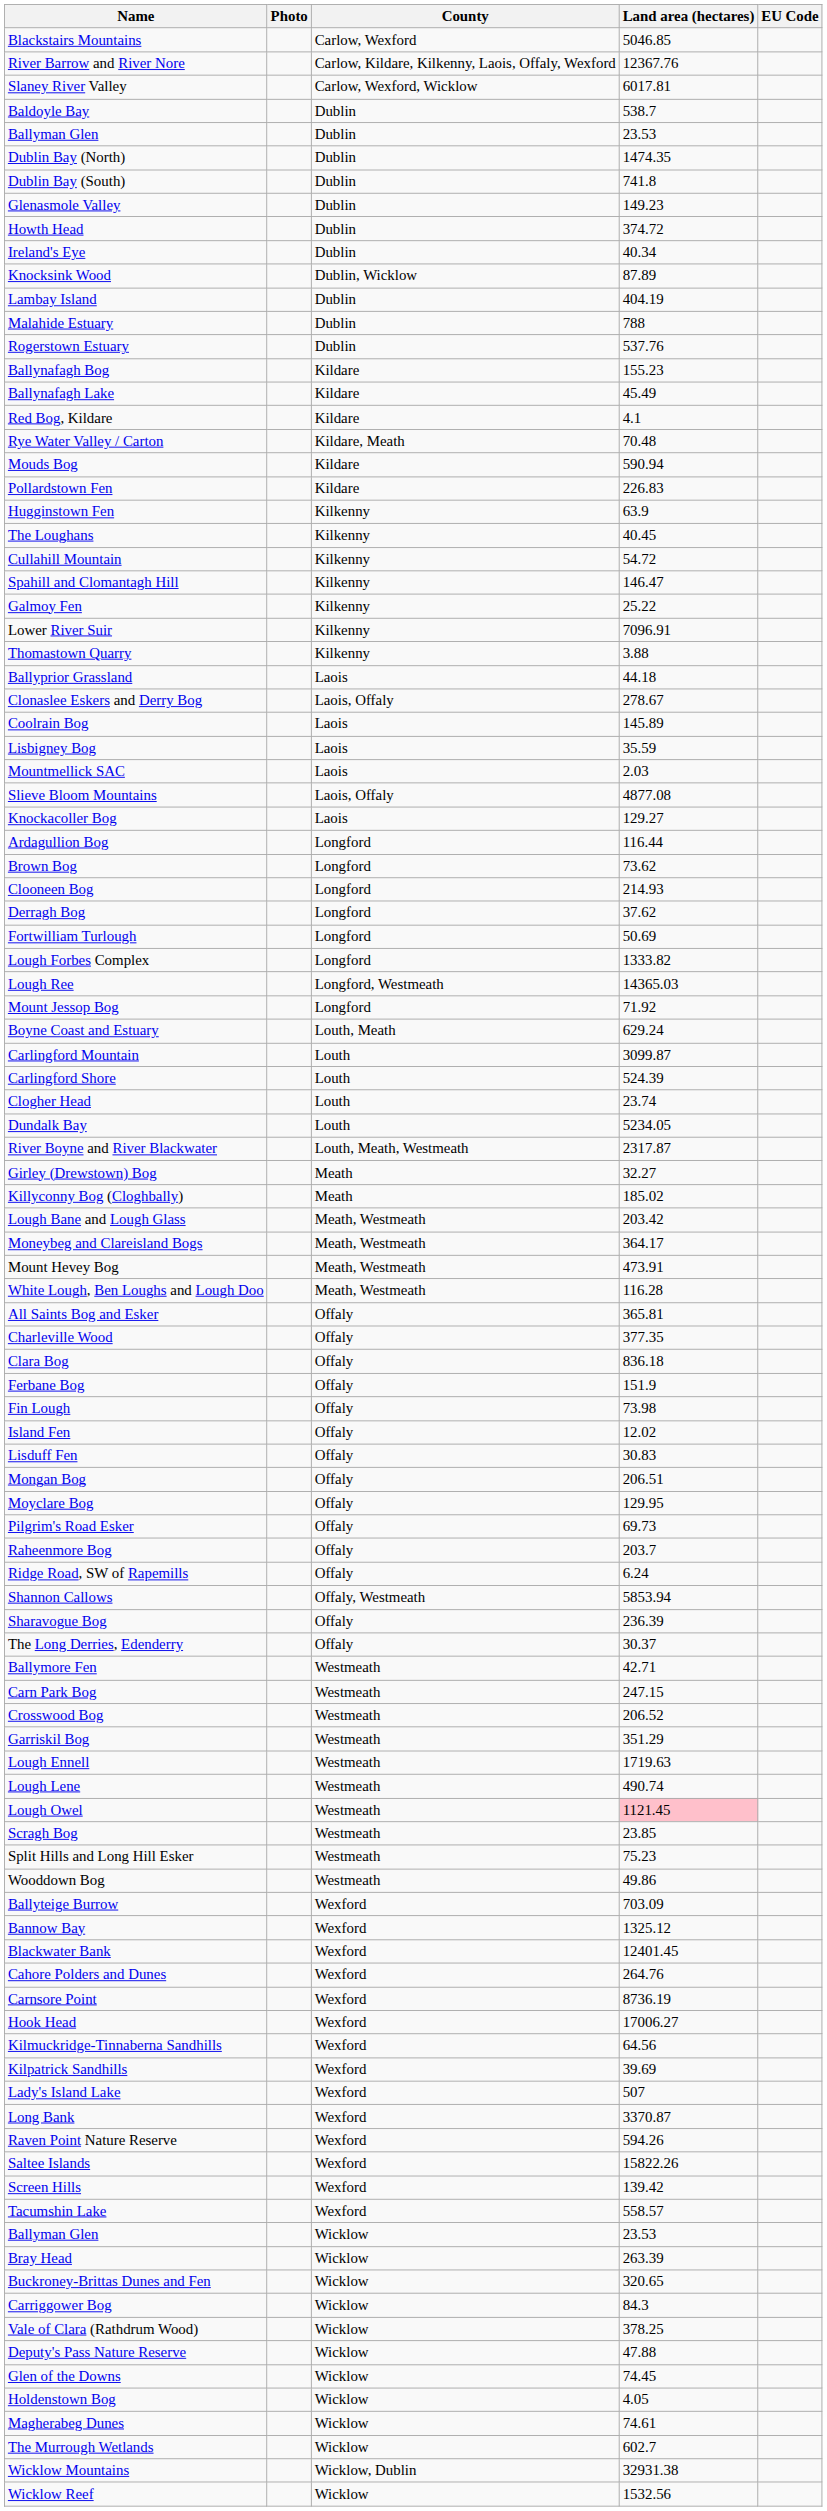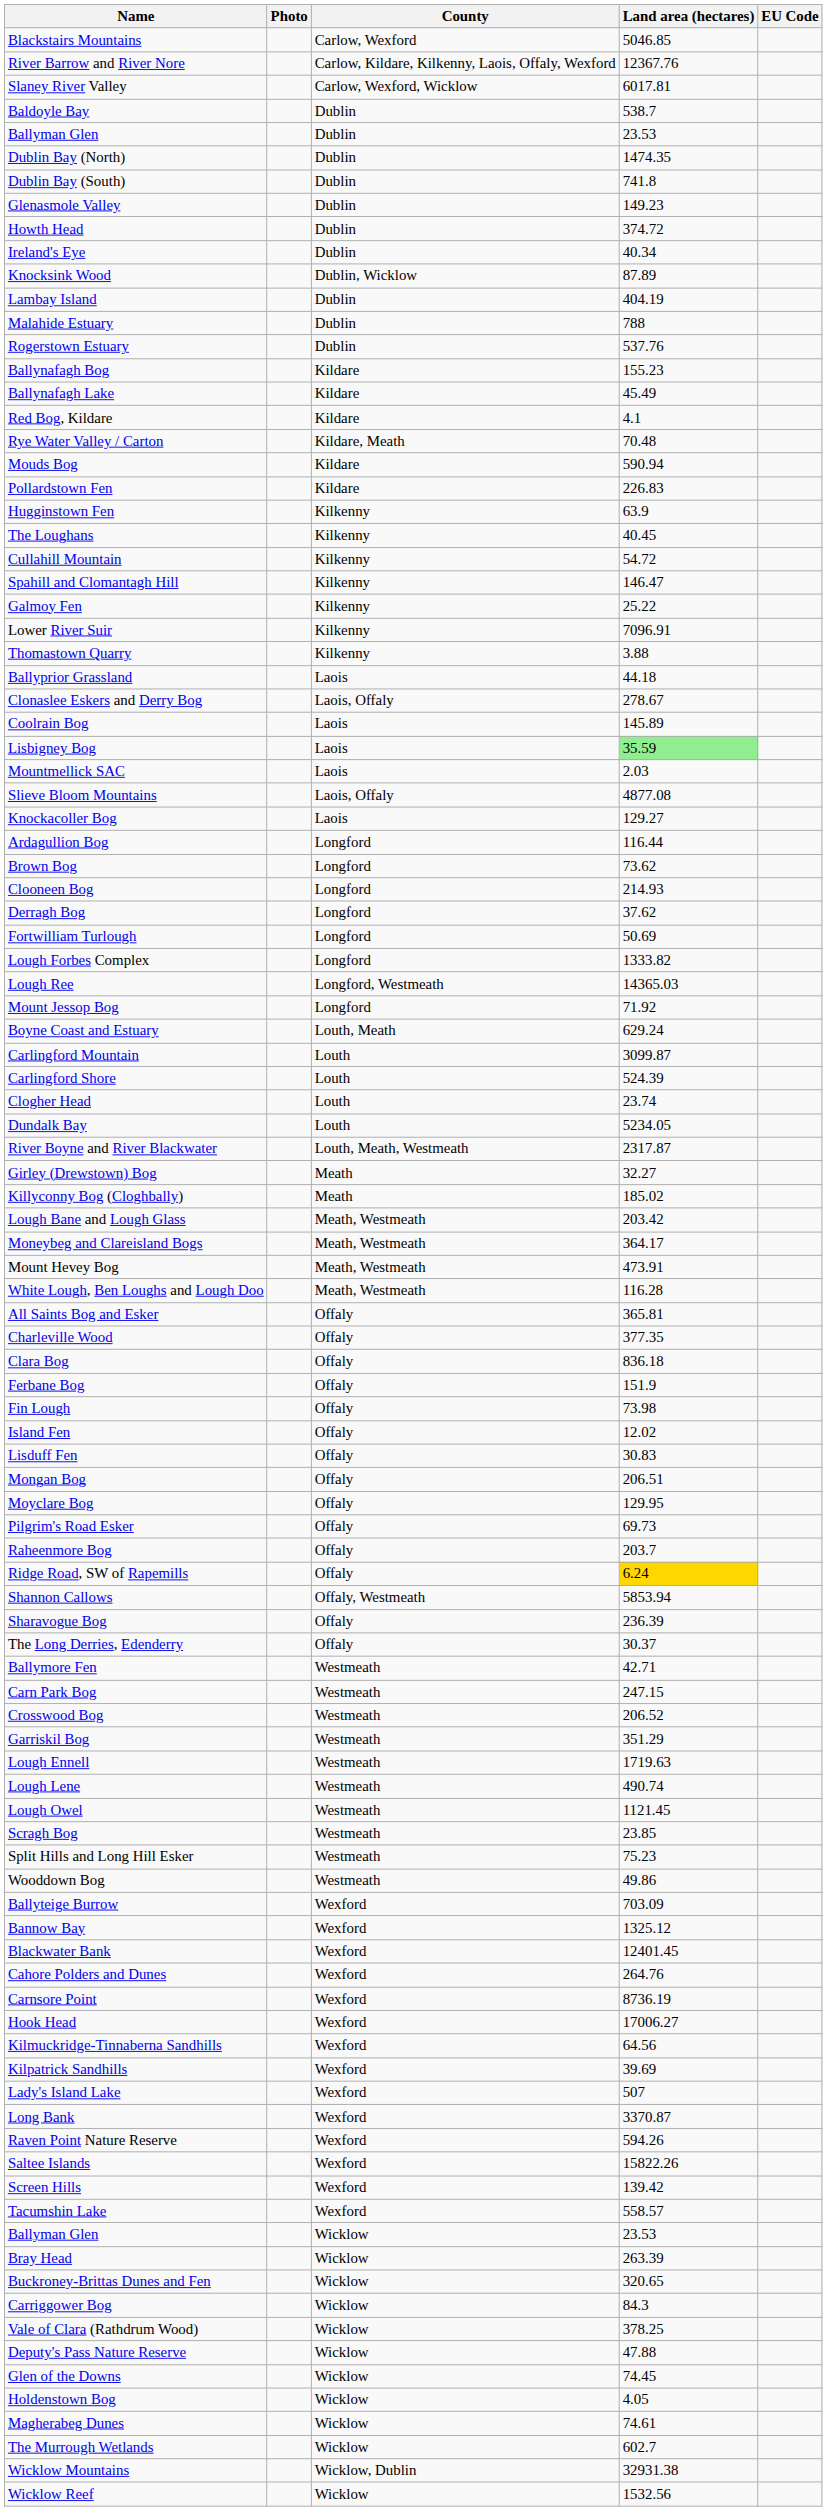 <table class="wikitable sortable">
 <tr>
 <th>Name</th>
 <th>Photo</th>
 <th>County</th>
 <th>Land area (hectares)</th>
 <th>EU Code</th>
 </tr>
 <tr>
 <td><a href='#'>Blackstairs Mountains</a></td>
 <td></td>
 <td>Carlow, Wexford</td>
 <td>5046.85</td>
 <td></td>
 </tr>
 <tr>
 <td><a href='#'>River Barrow</a> and <a href='#'>River Nore</a></td>
 <td></td>
 <td>Carlow, Kildare, Kilkenny, Laois, Offaly, Wexford</td>
 <td>12367.76</td>
 <td></td>
 </tr>
 <tr>
 <td><a href='#'>Slaney River</a> Valley</td>
 <td></td>
 <td>Carlow, Wexford, Wicklow</td>
 <td>6017.81</td>
 <td></td>
 </tr>
 <tr>
 <td><a href='#'>Baldoyle Bay</a></td>
 <td></td>
 <td>Dublin</td>
 <td>538.7</td>
 <td></td>
 </tr>
 <tr>
 <td><a href='#'>Ballyman Glen</a></td>
 <td></td>
 <td>Dublin</td>
 <td>23.53</td>
 <td></td>
 </tr>
 <tr>
 <td><a href='#'>Dublin Bay</a> (North)</td>
 <td></td>
 <td>Dublin</td>
 <td>1474.35</td>
 <td></td>
 </tr>
 <tr>
 <td><a href='#'>Dublin Bay</a> (South)</td>
 <td></td>
 <td>Dublin</td>
 <td>741.8</td>
 <td></td>
 </tr>
 <tr>
 <td><a href='#'>Glenasmole Valley</a></td>
 <td></td>
 <td>Dublin</td>
 <td>149.23</td>
 <td></td>
 </tr>
 <tr>
 <td><a href='#'>Howth Head</a></td>
 <td></td>
 <td>Dublin</td>
 <td>374.72</td>
 <td></td>
 </tr>
 <tr>
 <td><a href='#'>Ireland's Eye</a></td>
 <td></td>
 <td>Dublin</td>
 <td>40.34</td>
 <td></td>
 </tr>
 <tr>
 <td><a href='#'>Knocksink Wood</a></td>
 <td></td>
 <td>Dublin, Wicklow</td>
 <td>87.89</td>
 <td></td>
 </tr>
 <tr>
 <td><a href='#'>Lambay Island</a></td>
 <td></td>
 <td>Dublin</td>
 <td>404.19</td>
 <td></td>
 </tr>
 <tr>
 <td><a href='#'>Malahide Estuary</a></td>
 <td></td>
 <td>Dublin</td>
 <td>788</td>
 <td></td>
 </tr>
 <tr>
 <td><a href='#'>Rogerstown Estuary</a></td>
 <td></td>
 <td>Dublin</td>
 <td>537.76</td>
 <td></td>
 </tr>
 <tr>
 <td><a href='#'>Ballynafagh Bog</a></td>
 <td></td>
 <td>Kildare</td>
 <td>155.23</td>
 <td></td>
 </tr>
 <tr>
 <td><a href='#'>Ballynafagh Lake</a></td>
 <td></td>
 <td>Kildare</td>
 <td>45.49</td>
 <td></td>
 </tr>
 <tr>
 <td><a href='#'>Red Bog</a>, Kildare</td>
 <td></td>
 <td>Kildare</td>
 <td>4.1</td>
 <td></td>
 </tr>
 <tr>
 <td><a href='#'>Rye Water Valley / Carton</a></td>
 <td></td>
 <td>Kildare, Meath</td>
 <td>70.48</td>
 <td></td>
 </tr>
 <tr>
 <td><a href='#'>Mouds Bog</a></td>
 <td></td>
 <td>Kildare</td>
 <td>590.94</td>
 <td></td>
 </tr>
 <tr>
 <td><a href='#'>Pollardstown Fen</a></td>
 <td></td>
 <td>Kildare</td>
 <td>226.83</td>
 <td></td>
 </tr>
 <tr>
 <td><a href='#'>Hugginstown Fen</a></td>
 <td></td>
 <td>Kilkenny</td>
 <td>63.9</td>
 <td></td>
 </tr>
 <tr>
 <td><a href='#'>The Loughans</a></td>
 <td></td>
 <td>Kilkenny</td>
 <td>40.45</td>
 <td></td>
 </tr>
 <tr>
 <td><a href='#'>Cullahill Mountain</a></td>
 <td></td>
 <td>Kilkenny</td>
 <td>54.72</td>
 <td></td>
 </tr>
 <tr>
 <td><a href='#'>Spahill and Clomantagh Hill</a></td>
 <td></td>
 <td>Kilkenny</td>
 <td>146.47</td>
 <td></td>
 </tr>
 <tr>
 <td><a href='#'>Galmoy Fen</a></td>
 <td></td>
 <td>Kilkenny</td>
 <td>25.22</td>
 <td></td>
 </tr>
 <tr>
 <td>Lower <a href='#'>River Suir</a></td>
 <td></td>
 <td>Kilkenny</td>
 <td>7096.91</td>
 <td></td>
 </tr>
 <tr>
 <td><a href='#'>Thomastown Quarry</a></td>
 <td></td>
 <td>Kilkenny</td>
 <td>3.88</td>
 <td></td>
 </tr>
 <tr>
 <td><a href='#'>Ballyprior Grassland</a></td>
 <td></td>
 <td>Laois</td>
 <td>44.18</td>
 <td></td>
 </tr>
 <tr>
 <td><a href='#'>Clonaslee Eskers</a> and <a href='#'>Derry Bog</a></td>
 <td></td>
 <td>Laois, Offaly</td>
 <td>278.67</td>
 <td></td>
 </tr>
 <tr>
 <td><a href='#'>Coolrain Bog</a></td>
 <td></td>
 <td>Laois</td>
 <td>145.89</td>
 <td></td>
 </tr>
 <tr>
 <td><a href='#'>Lisbigney Bog</a></td>
 <td></td>
 <td>Laois</td>
-<td>35.59</td>
+<td style="background: lightgreen;">35.59</td>
 <td></td>
 </tr>
 <tr>
 <td><a href='#'>Mountmellick SAC</a></td>
 <td></td>
 <td>Laois</td>
 <td>2.03</td>
 <td></td>
 </tr>
 <tr>
 <td><a href='#'>Slieve Bloom Mountains</a></td>
 <td></td>
 <td>Laois, Offaly</td>
 <td>4877.08</td>
 <td></td>
 </tr>
 <tr>
 <td><a href='#'>Knockacoller Bog</a></td>
 <td></td>
 <td>Laois</td>
 <td>129.27</td>
 <td></td>
 </tr>
 <tr>
 <td><a href='#'>Ardagullion Bog</a></td>
 <td></td>
 <td>Longford</td>
 <td>116.44</td>
 <td></td>
 </tr>
 <tr>
 <td><a href='#'>Brown Bog</a></td>
 <td></td>
 <td>Longford</td>
 <td>73.62</td>
 <td></td>
 </tr>
 <tr>
 <td><a href='#'>Clooneen Bog</a></td>
 <td></td>
 <td>Longford</td>
 <td>214.93</td>
 <td></td>
 </tr>
 <tr>
 <td><a href='#'>Derragh Bog</a></td>
 <td></td>
 <td>Longford</td>
 <td>37.62</td>
 <td></td>
 </tr>
 <tr>
 <td><a href='#'>Fortwilliam Turlough</a></td>
 <td></td>
 <td>Longford</td>
 <td>50.69</td>
 <td></td>
 </tr>
 <tr>
 <td><a href='#'>Lough Forbes</a> Complex</td>
 <td></td>
 <td>Longford</td>
 <td>1333.82</td>
 <td></td>
 </tr>
 <tr>
 <td><a href='#'>Lough Ree</a></td>
 <td></td>
 <td>Longford, Westmeath</td>
 <td>14365.03</td>
 <td></td>
 </tr>
 <tr>
 <td><a href='#'>Mount Jessop Bog</a></td>
 <td></td>
 <td>Longford</td>
 <td>71.92</td>
 <td></td>
 </tr>
 <tr>
 <td><a href='#'>Boyne Coast and Estuary</a></td>
 <td></td>
 <td>Louth, Meath</td>
 <td>629.24</td>
 <td></td>
 </tr>
 <tr>
 <td><a href='#'>Carlingford Mountain</a></td>
 <td></td>
 <td>Louth</td>
 <td>3099.87</td>
 <td></td>
 </tr>
 <tr>
 <td><a href='#'>Carlingford Shore</a></td>
 <td></td>
 <td>Louth</td>
 <td>524.39</td>
 <td></td>
 </tr>
 <tr>
 <td><a href='#'>Clogher Head</a></td>
 <td></td>
 <td>Louth</td>
 <td>23.74</td>
 <td></td>
 </tr>
 <tr>
 <td><a href='#'>Dundalk Bay</a></td>
 <td></td>
 <td>Louth</td>
 <td>5234.05</td>
 <td></td>
 </tr>
 <tr>
 <td><a href='#'>River Boyne</a> and <a href='#'>River Blackwater</a></td>
 <td></td>
 <td>Louth, Meath, Westmeath</td>
 <td>2317.87</td>
 <td></td>
 </tr>
 <tr>
 <td><a href='#'>Girley (Drewstown) Bog</a></td>
 <td></td>
 <td>Meath</td>
 <td>32.27</td>
 <td></td>
 </tr>
 <tr>
 <td><a href='#'>Killyconny Bog</a> (<a href='#'>Cloghbally</a>)</td>
 <td></td>
 <td>Meath</td>
 <td>185.02</td>
 <td></td>
 </tr>
 <tr>
 <td><a href='#'>Lough Bane</a> and <a href='#'>Lough Glass</a></td>
 <td></td>
 <td>Meath, Westmeath</td>
 <td>203.42</td>
 <td></td>
 </tr>
 <tr>
 <td><a href='#'>Moneybeg and Clareisland Bogs</a></td>
 <td></td>
 <td>Meath, Westmeath</td>
 <td>364.17</td>
 <td></td>
 </tr>
 <tr>
 <td>Mount Hevey Bog</td>
 <td></td>
 <td>Meath, Westmeath</td>
 <td>473.91</td>
 <td></td>
 </tr>
 <tr>
 <td><a href='#'>White Lough</a>, <a href='#'>Ben Loughs</a> and <a href='#'>Lough Doo</a></td>
 <td></td>
 <td>Meath, Westmeath</td>
 <td>116.28</td>
 <td></td>
 </tr>
 <tr>
 <td><a href='#'>All Saints Bog and Esker</a></td>
 <td></td>
 <td>Offaly</td>
 <td>365.81</td>
 <td></td>
 </tr>
 <tr>
 <td><a href='#'>Charleville Wood</a></td>
 <td></td>
 <td>Offaly</td>
 <td>377.35</td>
 <td></td>
 </tr>
 <tr>
 <td><a href='#'>Clara Bog</a></td>
 <td></td>
 <td>Offaly</td>
 <td>836.18</td>
 <td></td>
 </tr>
 <tr>
 <td><a href='#'>Ferbane Bog</a></td>
 <td></td>
 <td>Offaly</td>
 <td>151.9</td>
 <td></td>
 </tr>
 <tr>
 <td><a href='#'>Fin Lough</a></td>
 <td></td>
 <td>Offaly</td>
 <td>73.98</td>
 <td></td>
 </tr>
 <tr>
 <td><a href='#'>Island Fen</a></td>
 <td></td>
 <td>Offaly</td>
 <td>12.02</td>
 <td></td>
 </tr>
 <tr>
 <td><a href='#'>Lisduff Fen</a></td>
 <td></td>
 <td>Offaly</td>
 <td>30.83</td>
 <td></td>
 </tr>
 <tr>
 <td><a href='#'>Mongan Bog</a></td>
 <td></td>
 <td>Offaly</td>
 <td>206.51</td>
 <td></td>
 </tr>
 <tr>
 <td><a href='#'>Moyclare Bog</a></td>
 <td></td>
 <td>Offaly</td>
 <td>129.95</td>
 <td></td>
 </tr>
 <tr>
 <td><a href='#'>Pilgrim's Road Esker</a></td>
 <td></td>
 <td>Offaly</td>
 <td>69.73</td>
 <td></td>
 </tr>
 <tr>
 <td><a href='#'>Raheenmore Bog</a></td>
 <td></td>
 <td>Offaly</td>
 <td>203.7</td>
 <td></td>
 </tr>
 <tr>
 <td><a href='#'>Ridge Road</a>, SW of <a href='#'>Rapemills</a></td>
 <td></td>
 <td>Offaly</td>
-<td>6.24</td>
+<td style="background: gold;">6.24</td>
 <td></td>
 </tr>
 <tr>
 <td><a href='#'>Shannon Callows</a></td>
 <td></td>
 <td>Offaly, Westmeath</td>
 <td>5853.94</td>
 <td></td>
 </tr>
 <tr>
 <td><a href='#'>Sharavogue Bog</a></td>
 <td></td>
 <td>Offaly</td>
 <td>236.39</td>
 <td></td>
 </tr>
 <tr>
 <td>The <a href='#'>Long Derries</a>, <a href='#'>Edenderry</a></td>
 <td></td>
 <td>Offaly</td>
 <td>30.37</td>
 <td></td>
 </tr>
 <tr>
 <td><a href='#'>Ballymore Fen</a></td>
 <td></td>
 <td>Westmeath</td>
 <td>42.71</td>
 <td></td>
 </tr>
 <tr>
 <td><a href='#'>Carn Park Bog</a></td>
 <td></td>
 <td>Westmeath</td>
 <td>247.15</td>
 <td></td>
 </tr>
 <tr>
 <td><a href='#'>Crosswood Bog</a></td>
 <td></td>
 <td>Westmeath</td>
 <td>206.52</td>
 <td></td>
 </tr>
 <tr>
 <td><a href='#'>Garriskil Bog</a></td>
 <td></td>
 <td>Westmeath</td>
 <td>351.29</td>
 <td></td>
 </tr>
 <tr>
 <td><a href='#'>Lough Ennell</a></td>
 <td></td>
 <td>Westmeath</td>
 <td>1719.63</td>
 <td></td>
 </tr>
 <tr>
 <td><a href='#'>Lough Lene</a></td>
 <td></td>
 <td>Westmeath</td>
 <td>490.74</td>
 <td></td>
 </tr>
 <tr>
 <td><a href='#'>Lough Owel</a></td>
 <td></td>
 <td>Westmeath</td>
-<td style="background: pink;">1121.45</td>
+<td>1121.45</td>
 <td></td>
 </tr>
 <tr>
 <td><a href='#'>Scragh Bog</a></td>
 <td></td>
 <td>Westmeath</td>
 <td>23.85</td>
 <td></td>
 </tr>
 <tr>
 <td>Split Hills and Long Hill Esker</td>
 <td></td>
 <td>Westmeath</td>
 <td>75.23</td>
 <td></td>
 </tr>
 <tr>
 <td>Wooddown Bog</td>
 <td></td>
 <td>Westmeath</td>
 <td>49.86</td>
 <td></td>
 </tr>
 <tr>
 <td><a href='#'>Ballyteige Burrow</a></td>
 <td></td>
 <td>Wexford</td>
 <td>703.09</td>
 <td></td>
 </tr>
 <tr>
 <td><a href='#'>Bannow Bay</a></td>
 <td></td>
 <td>Wexford</td>
 <td>1325.12</td>
 <td></td>
 </tr>
 <tr>
 <td><a href='#'>Blackwater Bank</a></td>
 <td></td>
 <td>Wexford</td>
 <td>12401.45</td>
 <td></td>
 </tr>
 <tr>
 <td><a href='#'>Cahore Polders and Dunes</a></td>
 <td></td>
 <td>Wexford</td>
 <td>264.76</td>
 <td></td>
 </tr>
 <tr>
 <td><a href='#'>Carnsore Point</a></td>
 <td></td>
 <td>Wexford</td>
 <td>8736.19</td>
 <td></td>
 </tr>
 <tr>
 <td><a href='#'>Hook Head</a></td>
 <td></td>
 <td>Wexford</td>
 <td>17006.27</td>
 <td></td>
 </tr>
 <tr>
 <td><a href='#'>Kilmuckridge-Tinnaberna Sandhills</a></td>
 <td></td>
 <td>Wexford</td>
 <td>64.56</td>
 <td></td>
 </tr>
 <tr>
 <td><a href='#'>Kilpatrick Sandhills</a></td>
 <td></td>
 <td>Wexford</td>
 <td>39.69</td>
 <td></td>
 </tr>
 <tr>
 <td><a href='#'>Lady's Island Lake</a></td>
 <td></td>
 <td>Wexford</td>
 <td>507</td>
 <td></td>
 </tr>
 <tr>
 <td><a href='#'>Long Bank</a></td>
 <td></td>
 <td>Wexford</td>
 <td>3370.87</td>
 <td></td>
 </tr>
 <tr>
 <td><a href='#'>Raven Point</a> Nature Reserve</td>
 <td></td>
 <td>Wexford</td>
 <td>594.26</td>
 <td></td>
 </tr>
 <tr>
 <td><a href='#'>Saltee Islands</a></td>
 <td></td>
 <td>Wexford</td>
 <td>15822.26</td>
 <td></td>
 </tr>
 <tr>
 <td><a href='#'>Screen Hills</a></td>
 <td></td>
 <td>Wexford</td>
 <td>139.42</td>
 <td></td>
 </tr>
 <tr>
 <td><a href='#'>Tacumshin Lake</a></td>
 <td></td>
 <td>Wexford</td>
 <td>558.57</td>
 <td></td>
 </tr>
 <tr>
 <td><a href='#'>Ballyman Glen</a></td>
 <td></td>
 <td>Wicklow</td>
 <td>23.53</td>
 <td></td>
 </tr>
 <tr>
 <td><a href='#'>Bray Head</a></td>
 <td></td>
 <td>Wicklow</td>
 <td>263.39</td>
 <td></td>
 </tr>
 <tr>
 <td><a href='#'>Buckroney-Brittas Dunes and Fen</a></td>
 <td></td>
 <td>Wicklow</td>
 <td>320.65</td>
 <td></td>
 </tr>
 <tr>
 <td><a href='#'>Carriggower Bog</a></td>
 <td></td>
 <td>Wicklow</td>
 <td>84.3</td>
 <td></td>
 </tr>
 <tr>
 <td><a href='#'>Vale of Clara</a> (Rathdrum Wood)</td>
 <td></td>
 <td>Wicklow</td>
 <td>378.25</td>
 <td></td>
 </tr>
 <tr>
 <td><a href='#'>Deputy's Pass Nature Reserve</a></td>
 <td></td>
 <td>Wicklow</td>
 <td>47.88</td>
 <td></td>
 </tr>
 <tr>
 <td><a href='#'>Glen of the Downs</a></td>
 <td></td>
 <td>Wicklow</td>
 <td>74.45</td>
 <td></td>
 </tr>
 <tr>
 <td><a href='#'>Holdenstown Bog</a></td>
 <td></td>
 <td>Wicklow</td>
 <td>4.05</td>
 <td></td>
 </tr>
 <tr>
 <td><a href='#'>Magherabeg Dunes</a></td>
 <td></td>
 <td>Wicklow</td>
 <td>74.61</td>
 <td></td>
 </tr>
 <tr>
 <td><a href='#'>The Murrough Wetlands</a></td>
 <td></td>
 <td>Wicklow</td>
 <td>602.7</td>
 <td></td>
 </tr>
 <tr>
 <td><a href='#'>Wicklow Mountains</a></td>
 <td></td>
 <td>Wicklow, Dublin</td>
 <td>32931.38</td>
 <td></td>
 </tr>
 <tr>
 <td><a href='#'>Wicklow Reef</a></td>
 <td></td>
 <td>Wicklow</td>
 <td>1532.56</td>
 <td></td>
 </tr>
 </table>
